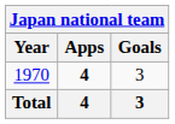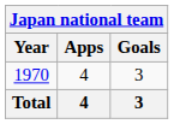 <table class="wikitable" style="text-align:center">
 <tr>
 <th colspan=3><a href='#'>Japan national team</a></th>
 </tr>
 <tr>
 <th>Year</th>
 <th>Apps</th>
 <th>Goals</th>
 </tr>
 <tr>
 <td><a href='#'>1970</a></td>
-<td><strong>4</strong></td>
+<td>4</td>
 <td>3</td>
 </tr>
 <tr>
 <th>Total</th>
 <th>4</th>
 <th>3</th>
 </tr>
 </table>
